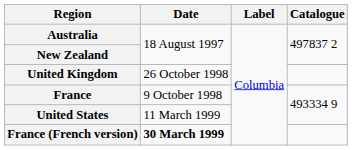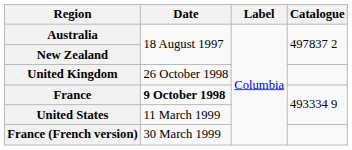 <table class="wikitable plainrowheaders">
 <tr>
 <th scope="col">Region</th>
 <th scope="col">Date</th>
 <th scope="col">Label</th>
 <th scope="col">Catalogue</th>
 </tr>
 <tr>
 <th scope="row">Australia</th>
 <td rowspan="2">18 August 1997</td>
 <td rowspan="6"><a href='#'>Columbia</a></td>
 <td rowspan="2">497837 2</td>
 </tr>
 <tr>
 <th scope="row">New Zealand</th>
 </tr>
 <tr>
 <th scope="row">United Kingdom</th>
 <td>26 October 1998</td>
 </tr>
 <tr>
 <th scope="row">France</th>
-<td>9 October 1998</td>
+<td><strong>9 October 1998</strong></td>
 <td rowspan="2">493334 9</td>
 </tr>
 <tr>
 <th scope="row">United States</th>
 <td>11 March 1999</td>
 </tr>
 <tr>
 <th scope="row">France (French version)</th>
-<td><strong>30 March 1999</strong></td>
+<td>30 March 1999</td>
 </tr>
 </table>
